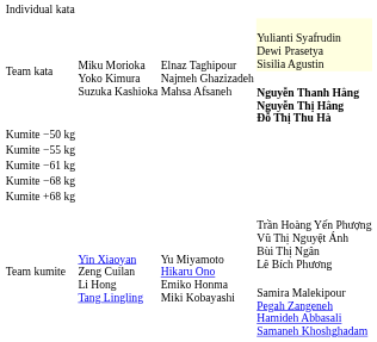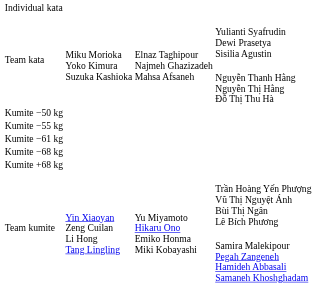 <table>
 <tr>
 <td rowspan=2>Individual kata</td>
 <td rowspan=2></td>
 <td rowspan=2></td>
 <td></td>
 </tr>
 <tr>
 <td></td>
 </tr>
 <tr>
 <td rowspan=2>Team kata</td>
 <td rowspan=2><br>Miku Morioka<br>Yoko Kimura<br>Suzuka Kashioka</td>
 <td rowspan=2><br>Elnaz Taghipour<br>Najmeh Ghazizadeh<br>Mahsa Afsaneh</td>
-<td style="background: lightyellow;"><br>Yulianti Syafrudin<br>Dewi Prasetya<br>Sisilia Agustin</td>
+<td><br>Yulianti Syafrudin<br>Dewi Prasetya<br>Sisilia Agustin</td>
 </tr>
 <tr>
-<td><strong><br>Nguyễn Thanh Hằng<br>Nguyễn Thị Hằng<br>Đỗ Thị Thu Hà</strong></td>
+<td><br>Nguyễn Thanh Hằng<br>Nguyễn Thị Hằng<br>Đỗ Thị Thu Hà</td>
 </tr>
 <tr>
 <td rowspan=2>Kumite −50 kg</td>
 <td rowspan=2></td>
 <td rowspan=2></td>
 <td></td>
 </tr>
 <tr>
 <td></td>
 </tr>
 <tr>
 <td rowspan=2>Kumite −55 kg</td>
 <td rowspan=2></td>
 <td rowspan=2></td>
 <td></td>
 </tr>
 <tr>
 <td></td>
 </tr>
 <tr>
 <td rowspan=2>Kumite −61 kg</td>
 <td rowspan=2></td>
 <td rowspan=2></td>
 <td></td>
 </tr>
 <tr>
 <td></td>
 </tr>
 <tr>
 <td rowspan=2>Kumite −68 kg</td>
 <td rowspan=2></td>
 <td rowspan=2></td>
 <td></td>
 </tr>
 <tr>
 <td></td>
 </tr>
 <tr>
 <td rowspan=2>Kumite +68 kg</td>
 <td rowspan=2></td>
 <td rowspan=2></td>
 <td></td>
 </tr>
 <tr>
 <td></td>
 </tr>
 <tr>
 <td rowspan=2>Team kumite</td>
 <td rowspan=2><br><a href='#'>Yin Xiaoyan</a><br>Zeng Cuilan<br>Li Hong<br><a href='#'>Tang Lingling</a></td>
 <td rowspan=2><br>Yu Miyamoto<br><a href='#'>Hikaru Ono</a><br>Emiko Honma<br>Miki Kobayashi</td>
 <td><br>Trần Hoàng Yến Phượng<br>Vũ Thị Nguyệt Ánh<br>Bùi Thị Ngân<br>Lê Bích Phương</td>
 </tr>
 <tr>
 <td><br>Samira Malekipour<br><a href='#'>Pegah Zangeneh</a><br><a href='#'>Hamideh Abbasali</a><br><a href='#'>Samaneh Khoshghadam</a></td>
 </tr>
 </table>
